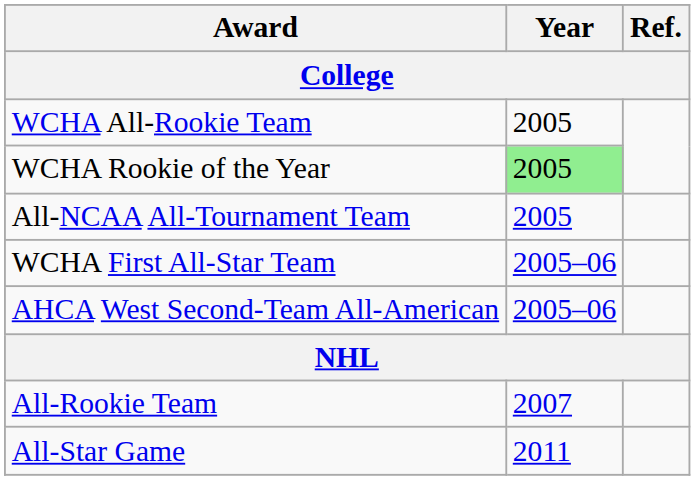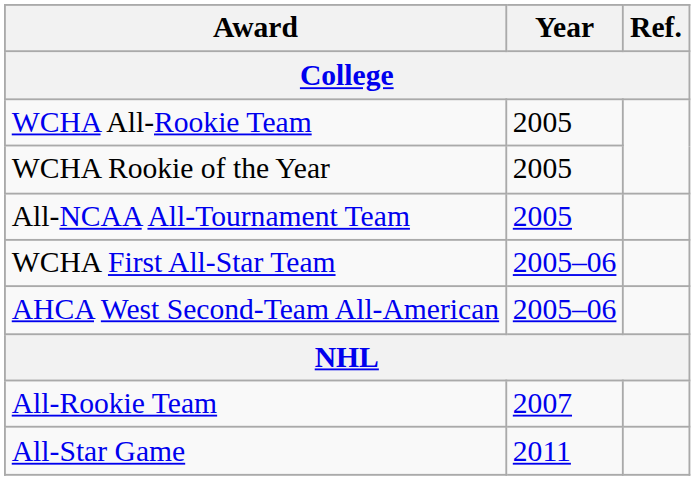 <table class="wikitable">
 <tr>
 <th>Award</th>
 <th>Year</th>
 <th>Ref.</th>
 </tr>
 <tr>
 <th colspan="3"><a href='#'>College</a></th>
 </tr>
 <tr>
 <td><a href='#'>WCHA</a> All-<a href='#'>Rookie Team</a></td>
 <td>2005</td>
 <td rowspan="2"></td>
 </tr>
 <tr>
 <td>WCHA Rookie of the Year</td>
-<td style="background: lightgreen;">2005</td>
+<td>2005</td>
 </tr>
 <tr>
 <td>All-<a href='#'>NCAA</a> <a href='#'>All-Tournament Team</a></td>
 <td><a href='#'>2005</a></td>
 <td></td>
 </tr>
 <tr>
 <td>WCHA <a href='#'>First All-Star Team</a></td>
 <td><a href='#'>2005–06</a></td>
 <td></td>
 </tr>
 <tr>
 <td><a href='#'>AHCA</a> <a href='#'>West Second-Team All-American</a></td>
 <td><a href='#'>2005–06</a></td>
 <td></td>
 </tr>
 <tr>
 <th colspan="3"><a href='#'>NHL</a></th>
 </tr>
 <tr>
 <td><a href='#'>All-Rookie Team</a></td>
 <td><a href='#'>2007</a></td>
 <td></td>
 </tr>
 <tr>
 <td><a href='#'>All-Star Game</a></td>
 <td><a href='#'>2011</a></td>
 <td></td>
 </tr>
 </table>
